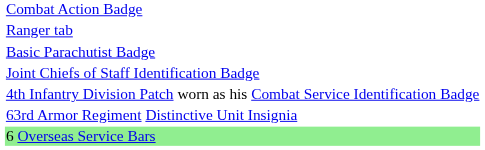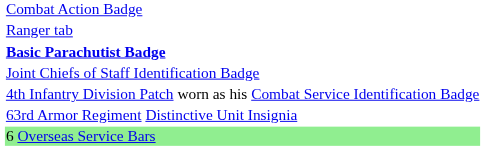 <table>
 <tr>
 <td> <a href='#'>Combat Action Badge</a></td>
 </tr>
 <tr>
 <td> <a href='#'>Ranger tab</a></td>
 </tr>
 <tr>
-<td> <a href='#'>Basic Parachutist Badge</a></td>
+<td><strong> <a href='#'>Basic Parachutist Badge</a></strong></td>
 </tr>
 <tr>
 <td> <a href='#'>Joint Chiefs of Staff Identification Badge</a></td>
 </tr>
 <tr>
 <td> <a href='#'>4th Infantry Division Patch</a> worn as his <a href='#'>Combat Service Identification Badge</a></td>
 </tr>
 <tr>
 <td> <a href='#'>63rd Armor Regiment</a> <a href='#'>Distinctive Unit Insignia</a></td>
 </tr>
 <tr>
 <td style="background: lightgreen;"> 6 <a href='#'>Overseas Service Bars</a></td>
 </tr>
 </table>
